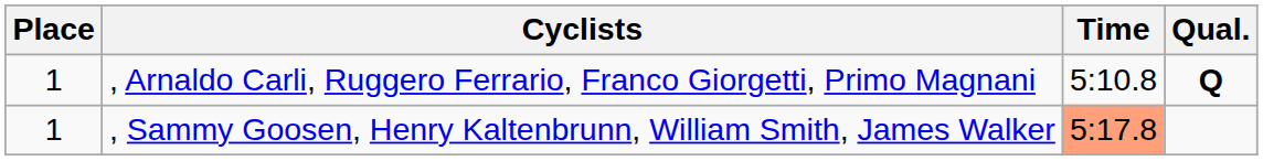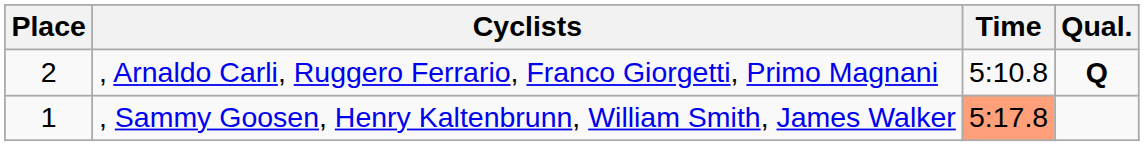 <table class=wikitable style="text-align:center">
 <tr>
 <th>Place</th>
 <th>Cyclists</th>
 <th>Time</th>
 <th>Qual.</th>
 </tr>
 <tr>
-<td>1</td>
+<td>2</td>
 <td align=left>, <a href='#'>Arnaldo Carli</a>, <a href='#'>Ruggero Ferrario</a>, <a href='#'>Franco Giorgetti</a>, <a href='#'>Primo Magnani</a></td>
 <td>5:10.8</td>
 <td><strong>Q</strong></td>
 </tr>
 <tr>
 <td>1</td>
 <td align=left>, <a href='#'>Sammy Goosen</a>, <a href='#'>Henry Kaltenbrunn</a>, <a href='#'>William Smith</a>, <a href='#'>James Walker</a></td>
 <td style="background: lightsalmon;">5:17.8</td>
 <td></td>
 </tr>
 </table>
